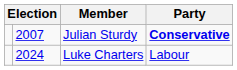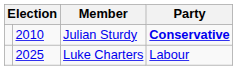 <table class="wikitable">
 <tr>
 <th colspan="2">Election</th>
 <th>Member</th>
 <th>Party</th>
 </tr>
 <tr>
 <td style="color:inherit;background-color: "></td>
-<td><a href='#'>2007</a></td>
+<td><a href='#'>2010</a></td>
 <td><a href='#'>Julian Sturdy</a></td>
 <td><strong><a href='#'>Conservative</a></strong></td>
 </tr>
 <tr>
 <td style="color:inherit;background-color: "></td>
-<td><a href='#'>2024</a></td>
+<td><a href='#'>2025</a></td>
 <td><a href='#'>Luke Charters</a></td>
 <td><a href='#'>Labour</a></td>
 </tr>
 </table>
